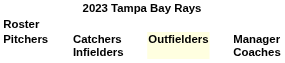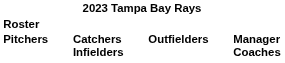 <table class="toccolours" style="font-size: 95%;">
 <tr>
 <th colspan="10">2023 Tampa Bay Rays</th>
 </tr>
 <tr>
 <td colspan="10"><strong>Roster</strong></td>
 </tr>
 <tr>
 <td valign="top"><strong>Pitchers</strong><br>                                    </td>
 <td style="width:25px;"></td>
 <td valign="top"><strong>Catchers</strong><br>   <strong>Infielders</strong>           </td>
 <td style="width:25px;"></td>
-<td valign="top" style="background: lightyellow;"><strong>Outfielders</strong><br>      </td>
+<td valign="top"><strong>Outfielders</strong><br>      </td>
 <td style="width:25px;"></td>
 <td valign="top"><strong>Manager</strong><br> <strong>Coaches</strong>                        </td>
 </tr>
 </table>
